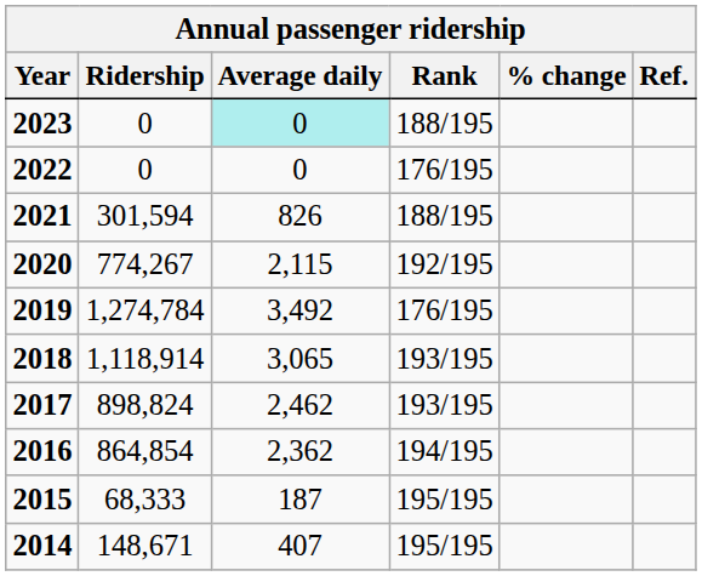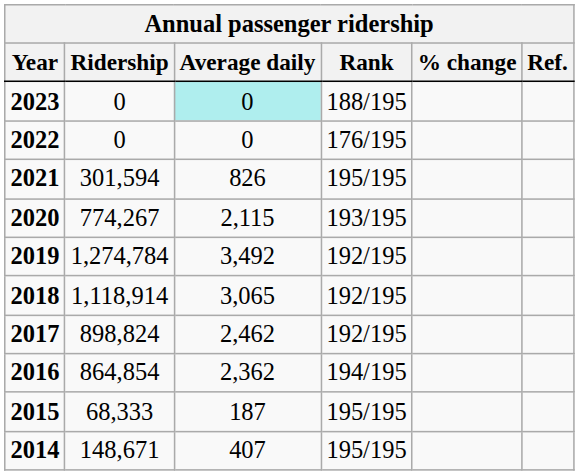 <table class="wikitable sortable" style="text-align:right;">
 <tr>
 <th colspan="6" style="background-color:#">Annual passenger ridership</th>
 </tr>
 <tr style="font-size:95%; text-align:center">
 <th style="border-bottom:1px solid black">Year</th>
 <th style="border-bottom:1px solid black">Ridership</th>
 <th style="border-bottom:1px solid black">Average daily</th>
 <th style="border-bottom:1px solid black">Rank</th>
 <th style="border-bottom:1px solid black">% change</th>
 <th style="border-bottom:1px solid black">Ref.</th>
 </tr>
 <tr style="text-align:center;">
 <td><strong>2023</strong></td>
 <td>0</td>
 <td style="background: paleturquoise;">0</td>
 <td>188/195</td>
 <td></td>
 <td></td>
 </tr>
 <tr style="text-align:center;">
 <td><strong>2022</strong></td>
 <td>0</td>
 <td>0</td>
 <td>176/195</td>
 <td></td>
 <td></td>
 </tr>
 <tr style="text-align:center;">
 <td><strong>2021</strong></td>
 <td>301,594</td>
 <td>826</td>
-<td>188/195</td>
+<td>195/195</td>
 <td></td>
 <td></td>
 </tr>
 <tr style="text-align:center;">
 <td><strong>2020</strong></td>
 <td>774,267</td>
 <td>2,115</td>
-<td>192/195</td>
+<td>193/195</td>
 <td></td>
 <td></td>
 </tr>
 <tr style="text-align:center;">
 <td><strong>2019</strong></td>
 <td>1,274,784</td>
 <td>3,492</td>
-<td>176/195</td>
+<td>192/195</td>
 <td></td>
 <td></td>
 </tr>
 <tr style="text-align:center;">
 <td><strong>2018</strong></td>
 <td>1,118,914</td>
 <td>3,065</td>
-<td>193/195</td>
+<td>192/195</td>
 <td></td>
 <td></td>
 </tr>
 <tr style="text-align:center;">
 <td><strong>2017</strong></td>
 <td>898,824</td>
 <td>2,462</td>
-<td>193/195</td>
+<td>192/195</td>
 <td></td>
 <td></td>
 </tr>
 <tr style="text-align:center;">
 <td><strong>2016</strong></td>
 <td>864,854</td>
 <td>2,362</td>
 <td>194/195</td>
 <td></td>
 <td></td>
 </tr>
 <tr style="text-align:center;">
 <td><strong>2015</strong></td>
 <td>68,333</td>
 <td>187</td>
 <td>195/195</td>
 <td></td>
 <td></td>
 </tr>
 <tr style="text-align:center;">
 <td><strong>2014</strong></td>
 <td>148,671</td>
 <td>407</td>
 <td>195/195</td>
 <td></td>
 <td></td>
 </tr>
 </table>
